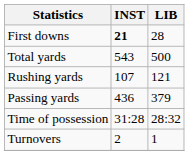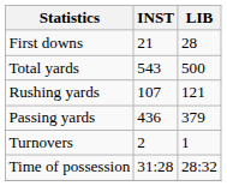 <table class="wikitable">
 <tr>
 <th>Statistics</th>
 <th>INST</th>
 <th>LIB</th>
 </tr>
 <tr>
 <td>First downs</td>
-<td><strong>21</strong></td>
+<td>21</td>
 <td>28</td>
 </tr>
 <tr>
 <td>Total yards</td>
 <td>543</td>
 <td>500</td>
 </tr>
 <tr>
 <td>Rushing yards</td>
 <td>107</td>
 <td>121</td>
 </tr>
 <tr>
 <td>Passing yards</td>
 <td>436</td>
 <td>379</td>
 </tr>
 <tr>
+<td>Turnovers</td>
+<td>2</td>
+<td>1</td>
+</tr>
+<tr>
 <td>Time of possession</td>
 <td>31:28</td>
 <td>28:32</td>
 </tr>
 <tr>
-<td>Turnovers</td>
-<td>2</td>
-<td>1</td>
-</tr>
-<tr>
 </tr>
 </table>
